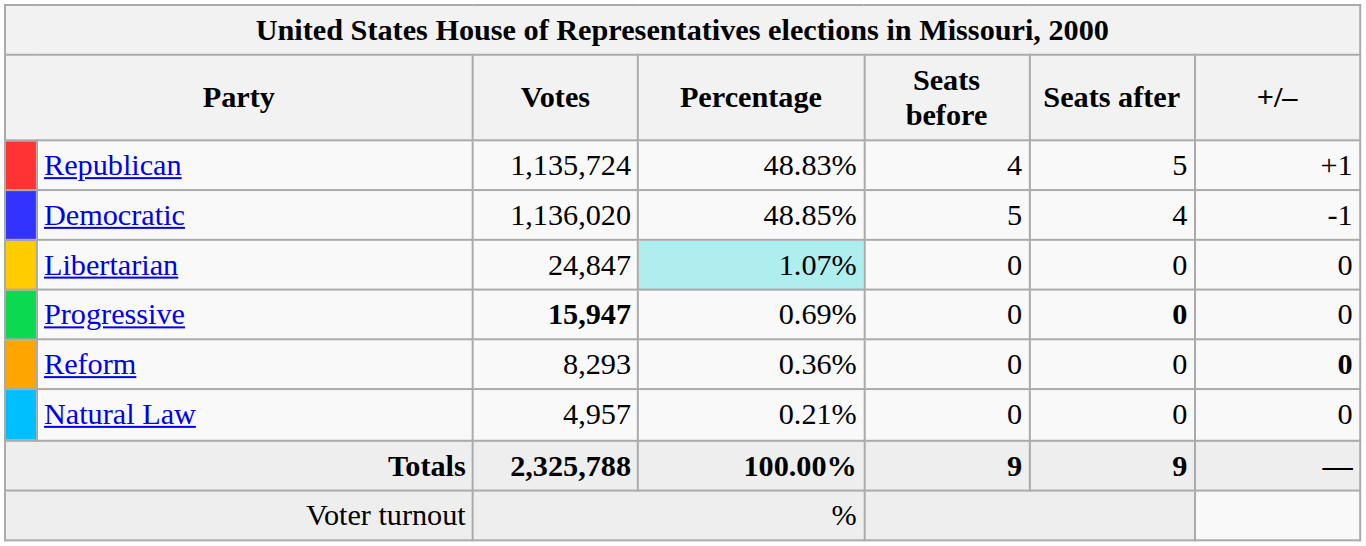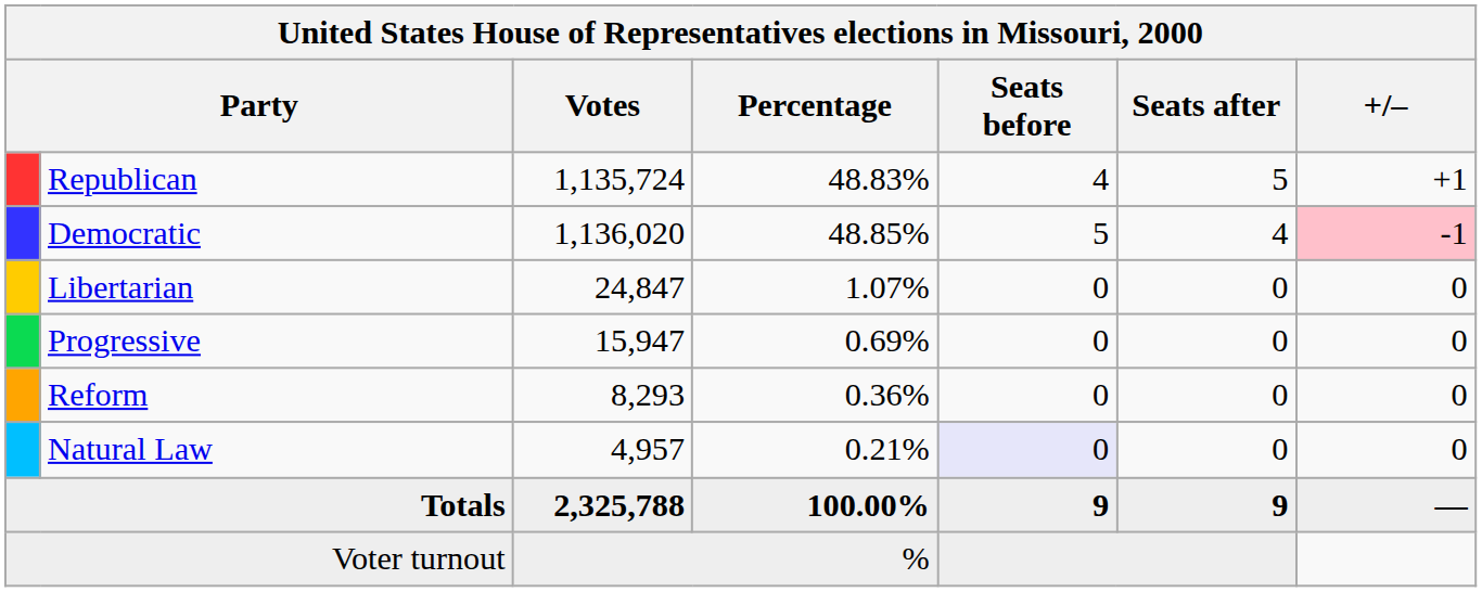 <table class="wikitable" style="font-size: 95%;">
 <tr>
 <th colspan="7">United States House of Representatives elections in Missouri, 2000</th>
 </tr>
 <tr>
 <th colspan=2 style="width: 15em">Party</th>
 <th style="width: 5em">Votes</th>
 <th style="width: 7em">Percentage</th>
 <th style="width: 5em">Seats before</th>
 <th style="width: 5em">Seats after</th>
 <th style="width: 5em">+/–</th>
 </tr>
 <tr>
 <th style="background-color:#FF3333; width: 3px"></th>
 <td style="width: 130px"><a href='#'>Republican</a></td>
 <td align="right">1,135,724</td>
 <td align="right">48.83%</td>
 <td align="right">4</td>
 <td align="right">5</td>
 <td align="right">+1</td>
 </tr>
 <tr>
 <th style="background-color:#3333FF; width: 3px"></th>
 <td style="width: 130px"><a href='#'>Democratic</a></td>
 <td align="right">1,136,020</td>
 <td align="right">48.85%</td>
 <td align="right">5</td>
 <td align="right">4</td>
-<td align="right">-1</td>
+<td align="right" style="background: pink;">-1</td>
 </tr>
 <tr>
 <th style="background-color:#FFCC00; width: 3px"></th>
 <td style="width: 130px"><a href='#'>Libertarian</a></td>
 <td align="right">24,847</td>
-<td align="right" style="background: paleturquoise;">1.07%</td>
+<td align="right">1.07%</td>
 <td align="right">0</td>
 <td align="right">0</td>
 <td align="right">0</td>
 </tr>
 <tr>
 <th style="background-color:#0BDA51; width: 3px"></th>
 <td style="width: 130px"><a href='#'>Progressive</a></td>
-<td align="right"><strong>15,947</strong></td>
+<td align="right">15,947</td>
 <td align="right">0.69%</td>
 <td align="right">0</td>
-<td align="right"><strong>0</strong></td>
+<td align="right">0</td>
 <td align="right">0</td>
 </tr>
 <tr>
 <th style="background-color:#FFA500; width: 3px"></th>
 <td style="width: 130px"><a href='#'>Reform</a></td>
 <td align="right">8,293</td>
 <td align="right">0.36%</td>
 <td align="right">0</td>
 <td align="right">0</td>
-<td align="right"><strong>0</strong></td>
+<td align="right">0</td>
 </tr>
 <tr>
 <th style="background-color:#00BFFF; width: 3px"></th>
 <td style="width: 130px"><a href='#'>Natural Law</a></td>
 <td align="right">4,957</td>
 <td align="right">0.21%</td>
-<td align="right">0</td>
+<td align="right" style="background: lavender;">0</td>
 <td align="right">0</td>
 <td align="right">0</td>
 </tr>
 <tr bgcolor="#EEEEEE">
 <td colspan="2" align="right"><strong>Totals</strong></td>
 <td align="right"><strong>2,325,788</strong></td>
 <td align="right"><strong>100.00%</strong></td>
 <td align="right"><strong>9</strong></td>
 <td align="right"><strong>9</strong></td>
 <td align="right"><strong>—</strong></td>
 </tr>
 <tr bgcolor="#EEEEEE">
 <td colspan="2" align="right">Voter turnout</td>
 <td colspan="2" align="right">%</td>
 <td colspan="2" align="right"></td>
 </tr>
 </table>
